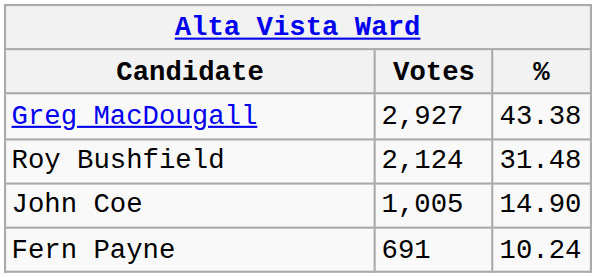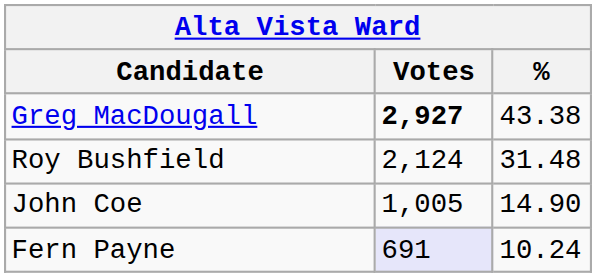 <table class="wikitable">
 <tr>
 <th colspan="3"><a href='#'>Alta Vista Ward</a></th>
 </tr>
 <tr>
 <th style="width: 170px">Candidate</th>
 <th style="width: 50px">Votes</th>
 <th style="width: 40px">%</th>
 </tr>
 <tr>
 <td><a href='#'>Greg MacDougall</a></td>
-<td>2,927</td>
+<td><strong>2,927</strong></td>
 <td>43.38</td>
 </tr>
 <tr>
 <td>Roy Bushfield</td>
 <td>2,124</td>
 <td>31.48</td>
 </tr>
 <tr>
 <td>John Coe</td>
 <td>1,005</td>
 <td>14.90</td>
 </tr>
 <tr>
 <td>Fern Payne</td>
-<td>691</td>
+<td style="background: lavender;">691</td>
 <td>10.24</td>
 </tr>
 </table>
